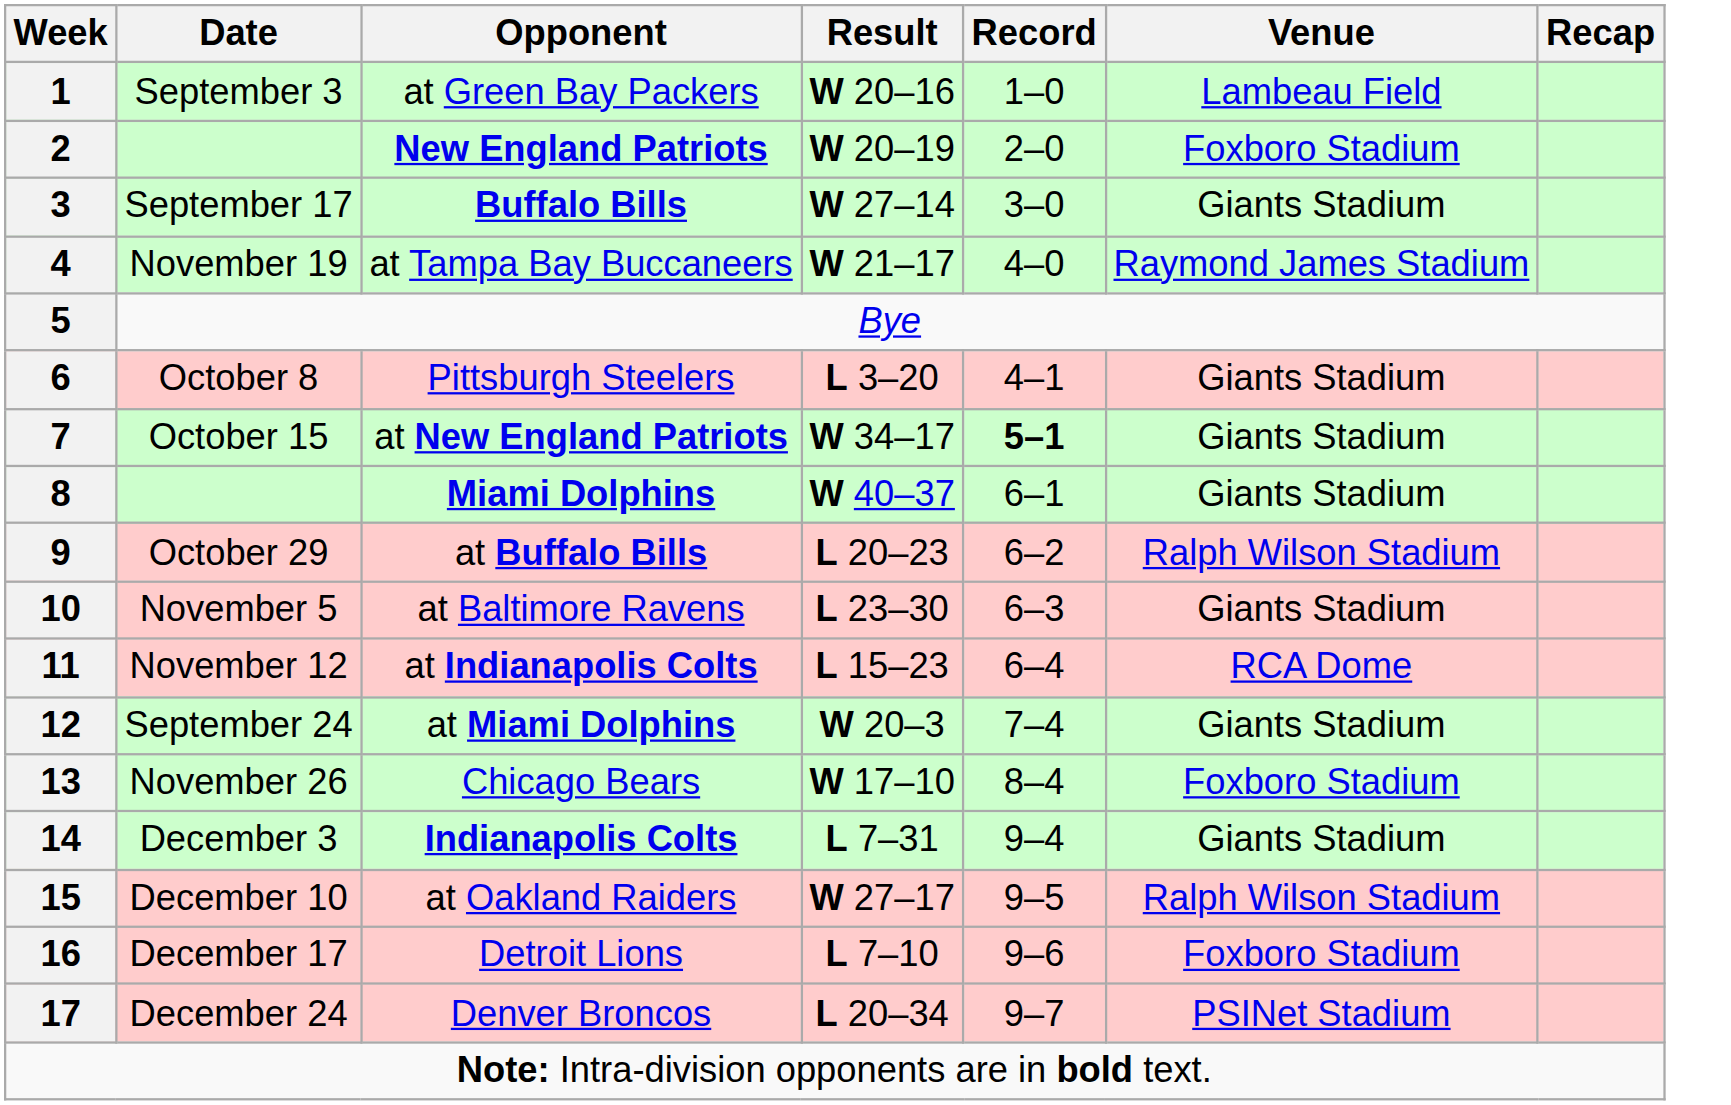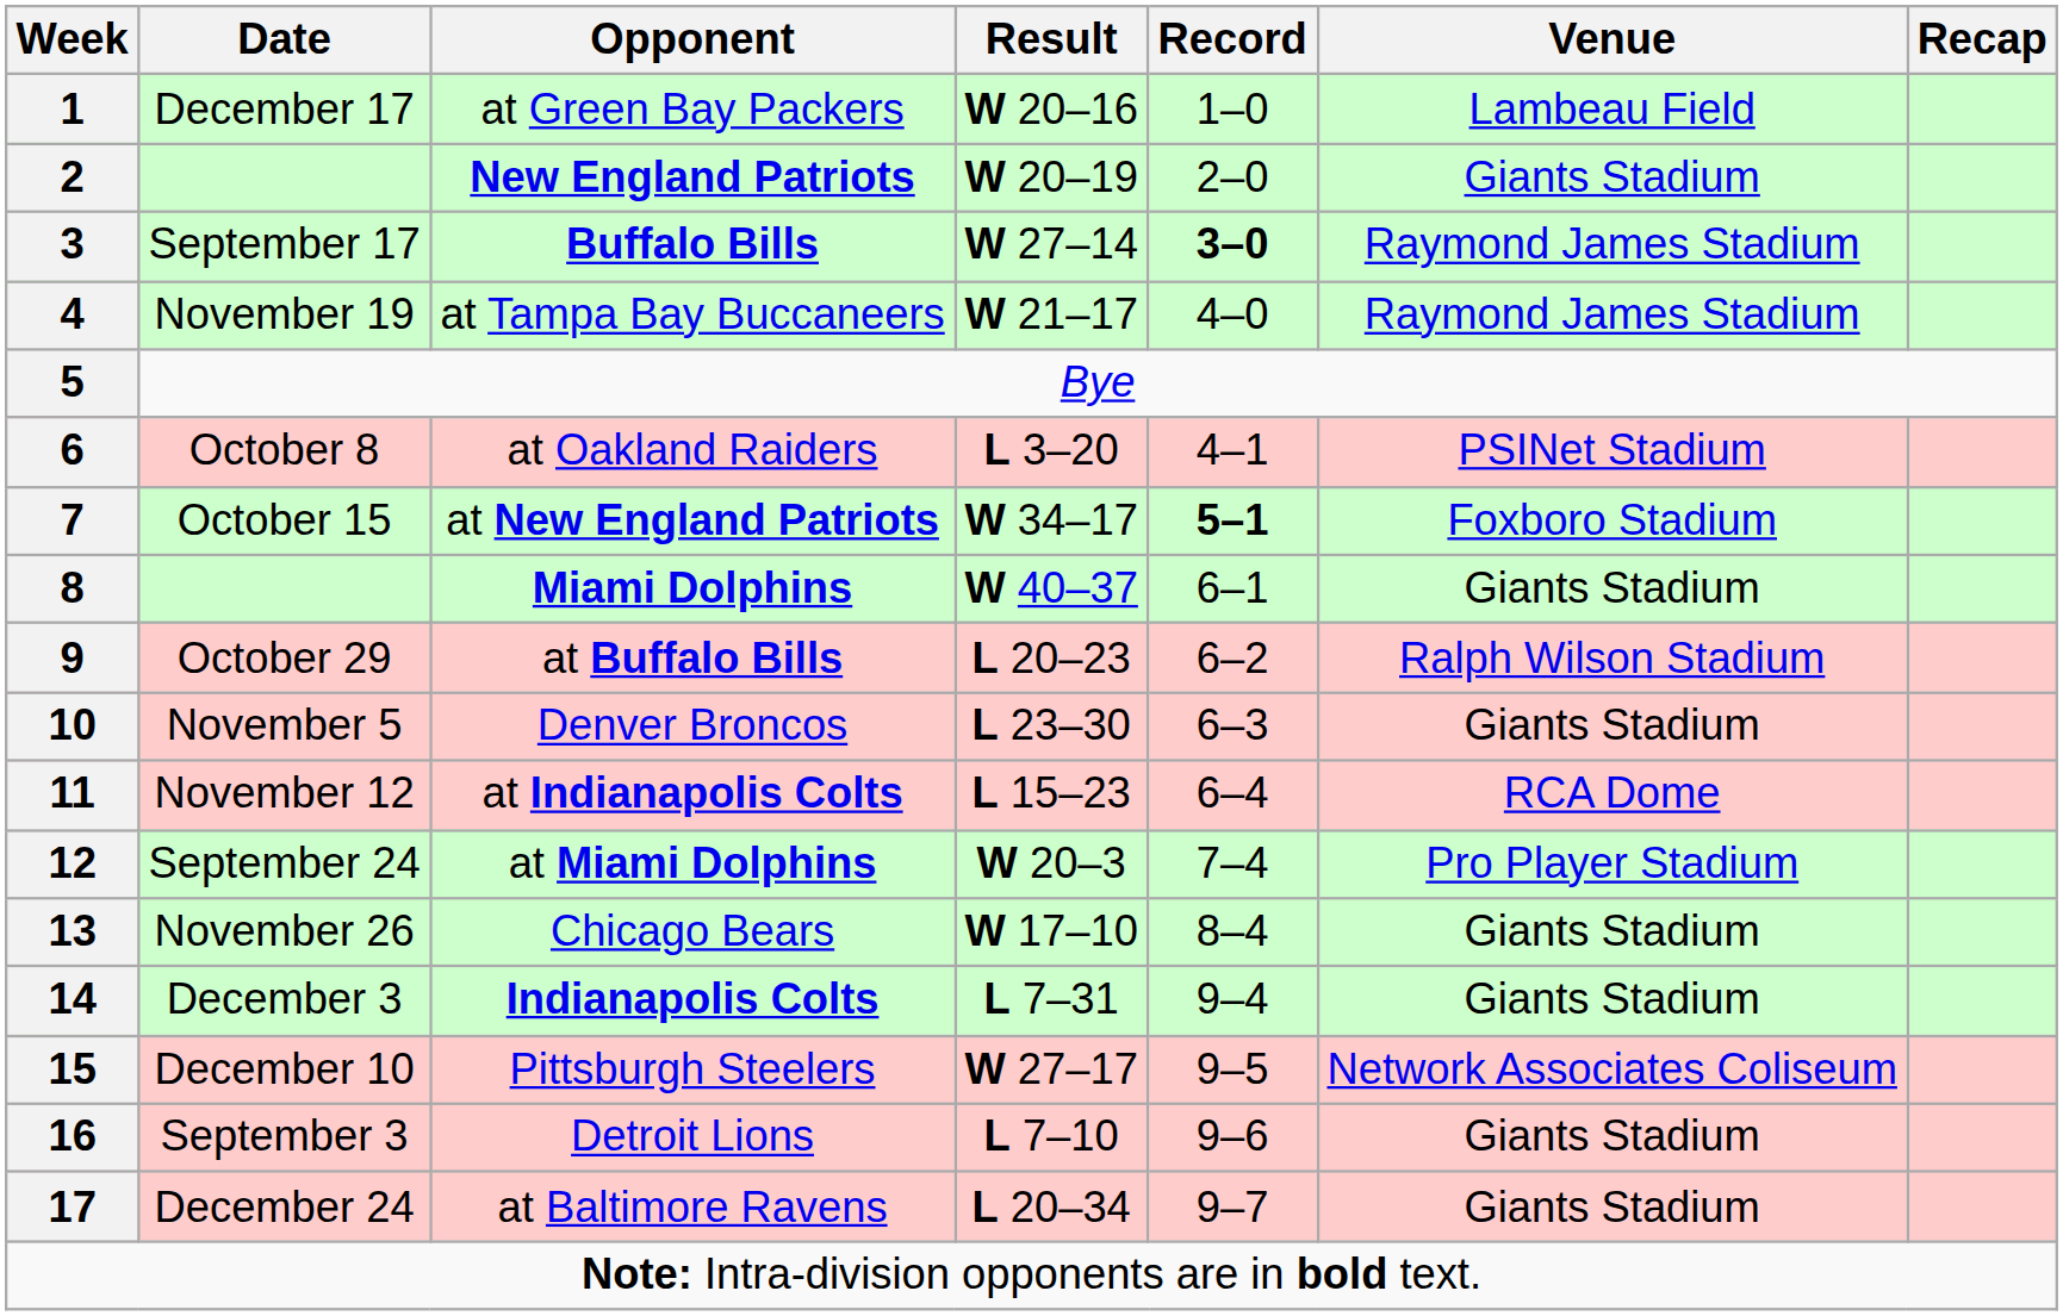 <table class="wikitable" style="text-align:center">
 <tr>
 <th>Week</th>
 <th>Date</th>
 <th>Opponent</th>
 <th>Result</th>
 <th>Record</th>
 <th>Venue</th>
 <th>Recap</th>
 </tr>
 <tr style="background:#cfc">
 <th>1</th>
-<td>September 3</td>
+<td>December 17</td>
 <td>at <a href='#'>Green Bay Packers</a></td>
 <td><strong>W</strong> 20–16</td>
 <td>1–0</td>
 <td><a href='#'>Lambeau Field</a></td>
 <td></td>
 </tr>
 <tr style="background:#cfc">
 <th>2</th>
 <td></td>
 <td><strong><a href='#'>New England Patriots</a></strong></td>
 <td><strong>W</strong> 20–19</td>
 <td>2–0</td>
-<td><a href='#'>Foxboro Stadium</a></td>
+<td><a href='#'>Giants Stadium</a></td>
 <td></td>
 </tr>
 <tr style="background:#cfc">
 <th>3</th>
 <td>September 17</td>
 <td><strong><a href='#'>Buffalo Bills</a></strong></td>
 <td><strong>W</strong> 27–14</td>
-<td>3–0</td>
-<td>Giants Stadium</td>
+<td><strong>3–0</strong></td>
+<td><a href='#'>Raymond James Stadium</a></td>
 <td></td>
 </tr>
 <tr style="background:#cfc">
 <th>4</th>
 <td>November 19</td>
 <td>at <a href='#'>Tampa Bay Buccaneers</a></td>
 <td><strong>W</strong> 21–17</td>
 <td>4–0</td>
 <td><a href='#'>Raymond James Stadium</a></td>
 <td></td>
 </tr>
 <tr>
 <th>5</th>
 <td colspan="6"><em><a href='#'>Bye</a></em></td>
 </tr>
 <tr style="background:#fcc">
 <th>6</th>
 <td>October 8</td>
-<td><a href='#'>Pittsburgh Steelers</a></td>
+<td>at <a href='#'>Oakland Raiders</a></td>
 <td><strong>L</strong> 3–20</td>
 <td>4–1</td>
-<td>Giants Stadium</td>
+<td><a href='#'>PSINet Stadium</a></td>
 <td></td>
 </tr>
 <tr style="background:#cfc">
 <th>7</th>
 <td>October 15</td>
 <td>at <strong><a href='#'>New England Patriots</a></strong></td>
 <td><strong>W</strong> 34–17</td>
 <td><strong>5–1</strong></td>
-<td>Giants Stadium</td>
+<td><a href='#'>Foxboro Stadium</a></td>
 <td></td>
 </tr>
 <tr style="background:#cfc">
 <th>8</th>
 <td></td>
 <td><strong><a href='#'>Miami Dolphins</a></strong></td>
 <td><strong>W</strong> <a href='#'>40–37 </a></td>
 <td>6–1</td>
 <td>Giants Stadium</td>
 <td></td>
 </tr>
 <tr style="background:#fcc">
 <th>9</th>
 <td>October 29</td>
 <td>at <strong><a href='#'>Buffalo Bills</a></strong></td>
 <td><strong>L</strong> 20–23</td>
 <td>6–2</td>
 <td><a href='#'>Ralph Wilson Stadium</a></td>
 <td></td>
 </tr>
 <tr style="background:#fcc">
 <th>10</th>
 <td>November 5</td>
-<td>at <a href='#'>Baltimore Ravens</a></td>
+<td><a href='#'>Denver Broncos</a></td>
 <td><strong>L</strong> 23–30</td>
 <td>6–3</td>
 <td>Giants Stadium</td>
 <td></td>
 </tr>
 <tr style="background:#fcc">
 <th>11</th>
 <td>November 12</td>
 <td>at <strong><a href='#'>Indianapolis Colts</a></strong></td>
 <td><strong>L</strong> 15–23</td>
 <td>6–4</td>
 <td><a href='#'>RCA Dome</a></td>
 <td></td>
 </tr>
 <tr style="background:#cfc">
 <th>12</th>
 <td>September 24</td>
 <td>at <strong><a href='#'>Miami Dolphins</a></strong></td>
 <td><strong>W</strong> 20–3</td>
 <td>7–4</td>
-<td>Giants Stadium</td>
+<td><a href='#'>Pro Player Stadium</a></td>
 <td></td>
 </tr>
 <tr style="background:#cfc">
 <th>13</th>
 <td>November 26</td>
 <td><a href='#'>Chicago Bears</a></td>
 <td><strong>W</strong> 17–10</td>
 <td>8–4</td>
-<td><a href='#'>Foxboro Stadium</a></td>
+<td>Giants Stadium</td>
 <td></td>
 </tr>
 <tr style="background:#cfc">
 <th>14</th>
 <td>December 3</td>
 <td><strong><a href='#'>Indianapolis Colts</a></strong></td>
 <td><strong>L</strong> 7–31</td>
 <td>9–4</td>
 <td>Giants Stadium</td>
 <td></td>
 </tr>
 <tr style="background:#fcc">
 <th>15</th>
 <td>December 10</td>
-<td>at <a href='#'>Oakland Raiders</a></td>
+<td><a href='#'>Pittsburgh Steelers</a></td>
 <td><strong>W</strong> 27–17</td>
 <td>9–5</td>
-<td><a href='#'>Ralph Wilson Stadium</a></td>
+<td><a href='#'>Network Associates Coliseum</a></td>
 <td></td>
 </tr>
 <tr style="background:#fcc">
 <th>16</th>
-<td>December 17</td>
+<td>September 3</td>
 <td><a href='#'>Detroit Lions</a></td>
 <td><strong>L</strong> 7–10</td>
 <td>9–6</td>
-<td><a href='#'>Foxboro Stadium</a></td>
+<td>Giants Stadium</td>
 <td></td>
 </tr>
 <tr style="background:#fcc">
 <th>17</th>
 <td>December 24</td>
-<td><a href='#'>Denver Broncos</a></td>
+<td>at <a href='#'>Baltimore Ravens</a></td>
 <td><strong>L</strong> 20–34</td>
 <td>9–7</td>
-<td><a href='#'>PSINet Stadium</a></td>
+<td>Giants Stadium</td>
 <td></td>
 </tr>
 <tr>
 <td colspan="8"><strong>Note:</strong> Intra-division opponents are in <strong>bold</strong> text.</td>
 </tr>
 </table>
